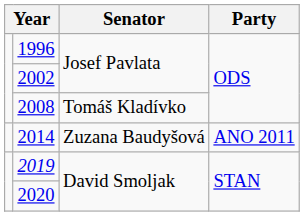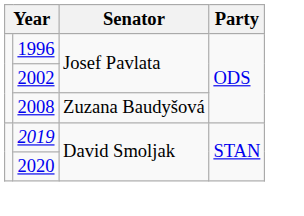 <table class="wikitable">
 <tr>
 <th colspan="2">Year</th>
 <th>Senator</th>
 <th>Party</th>
 </tr>
 <tr>
 <td rowspan="3" style="background-color:"></td>
 <td><a href='#'>1996</a></td>
 <td rowspan="2">Josef Pavlata</td>
 <td rowspan="3"><a href='#'>ODS</a></td>
 </tr>
 <tr>
 <td><a href='#'>2002</a></td>
 </tr>
 <tr>
 <td><a href='#'>2008</a></td>
-<td>Tomáš Kladívko</td>
-</tr>
-<tr>
-<td style="background-color:"></td>
-<td><a href='#'>2014</a></td>
 <td>Zuzana Baudyšová</td>
-<td><a href='#'>ANO 2011</a></td>
 </tr>
 <tr>
 <td rowspan="2" style="background-color:"></td>
 <td><a href='#'><em>2019</em></a></td>
 <td rowspan="2">David Smoljak</td>
 <td rowspan="2"><a href='#'>STAN</a></td>
 </tr>
 <tr>
 <td><a href='#'>2020</a></td>
 </tr>
 </table>
